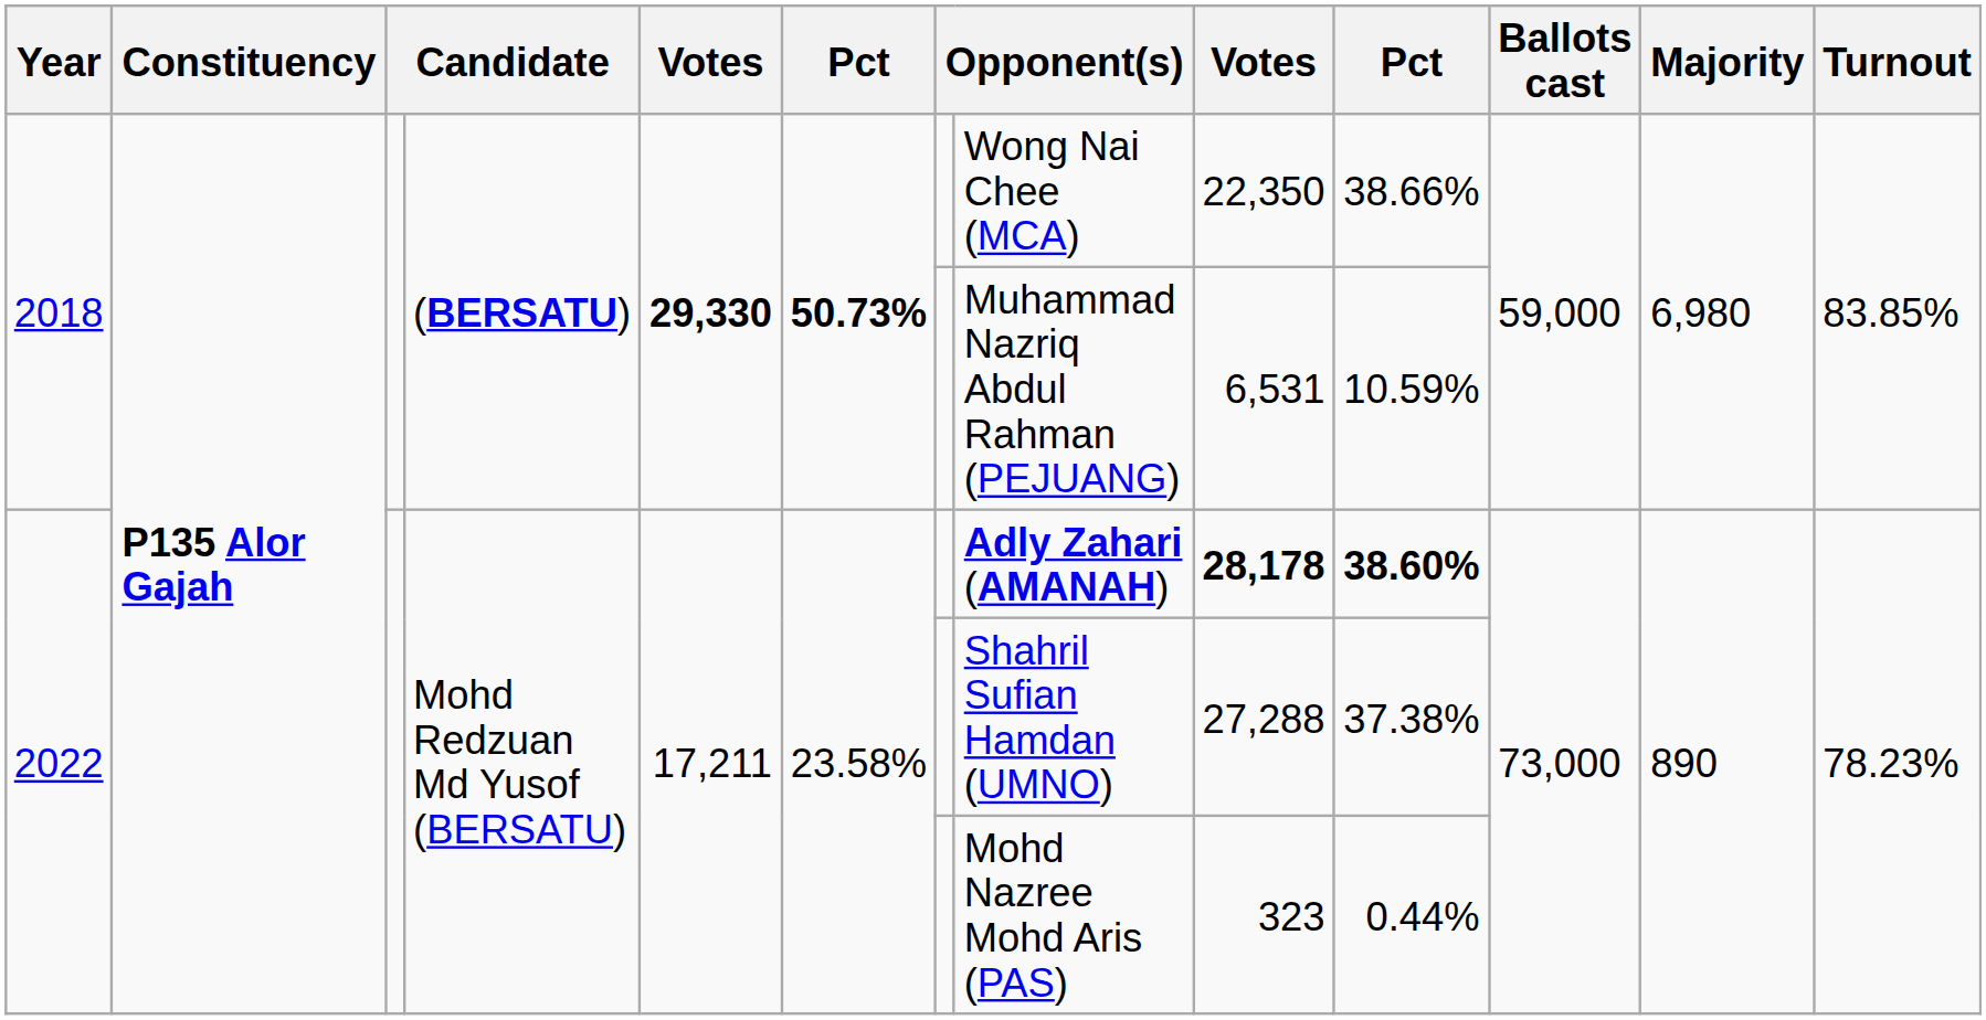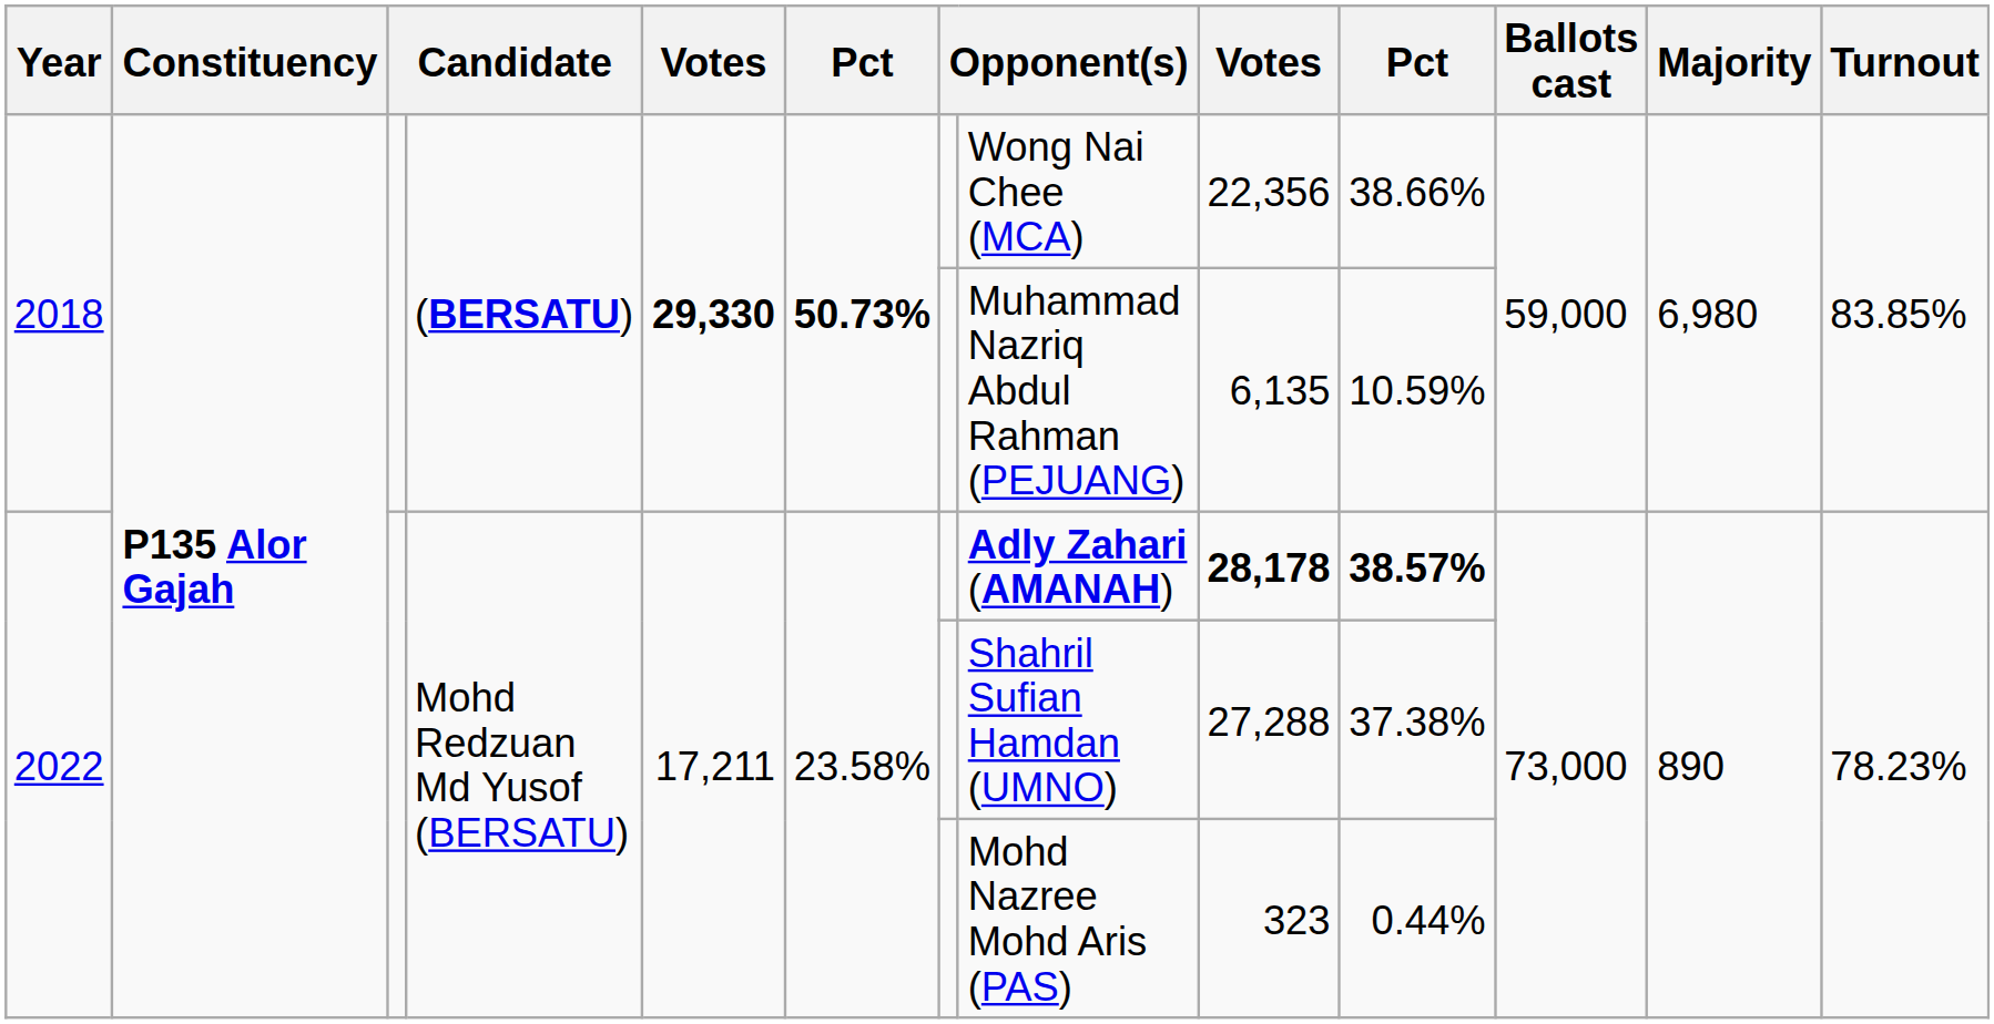 <table class="wikitable" style="margin:0.5em ; font-size:95%">
 <tr>
 <th>Year</th>
 <th>Constituency</th>
 <th colspan=2>Candidate</th>
 <th>Votes</th>
 <th>Pct</th>
 <th colspan=2>Opponent(s)</th>
 <th>Votes</th>
 <th>Pct</th>
 <th>Ballots cast</th>
 <th>Majority</th>
 <th>Turnout</th>
 </tr>
 <tr>
 <td rowspan=2><a href='#'>2018</a></td>
 <td rowspan=5><strong>P135 <a href='#'>Alor Gajah</a></strong></td>
 <td rowspan=2 ></td>
 <td rowspan=2> (<a href='#'><strong>BERSATU</strong></a>)</td>
 <td rowspan=2 align="right"><strong>29,330</strong></td>
 <td rowspan=2><strong>50.73%</strong></td>
 <td></td>
 <td>Wong Nai Chee (<a href='#'>MCA</a>)</td>
-<td align="right">22,350</td>
+<td align="right">22,356</td>
 <td>38.66%</td>
 <td rowspan=2>59,000</td>
 <td rowspan=2>6,980</td>
 <td rowspan=2>83.85%</td>
 </tr>
 <tr>
 <td></td>
 <td>Muhammad Nazriq Abdul Rahman (<a href='#'>PEJUANG</a>)</td>
-<td align="right">6,531</td>
+<td align="right">6,135</td>
 <td>10.59%</td>
 </tr>
 <tr>
 <td rowspan=3><a href='#'>2022</a></td>
 <td rowspan=3 bgcolor=></td>
 <td rowspan=3>Mohd Redzuan Md Yusof (<a href='#'>BERSATU</a>)</td>
 <td rowspan=3 align="right">17,211</td>
 <td rowspan=3>23.58%</td>
 <td></td>
 <td><strong><a href='#'>Adly Zahari</a></strong> (<a href='#'><strong>AMANAH</strong></a>)</td>
 <td align="right"><strong>28,178</strong></td>
-<td><strong>38.60%</strong></td>
+<td><strong>38.57%</strong></td>
 <td rowspan=3>73,000</td>
 <td rowspan=3>890</td>
 <td rowspan=3>78.23%</td>
 </tr>
 <tr>
 <td></td>
 <td><a href='#'>Shahril Sufian Hamdan</a> (<a href='#'>UMNO</a>)</td>
 <td align="right">27,288</td>
 <td>37.38%</td>
 </tr>
 <tr>
 <td bgcolor=></td>
 <td>Mohd Nazree Mohd Aris (<a href='#'>PAS</a>)</td>
 <td align="right">323</td>
 <td align=right>0.44%</td>
 </tr>
 </table>
